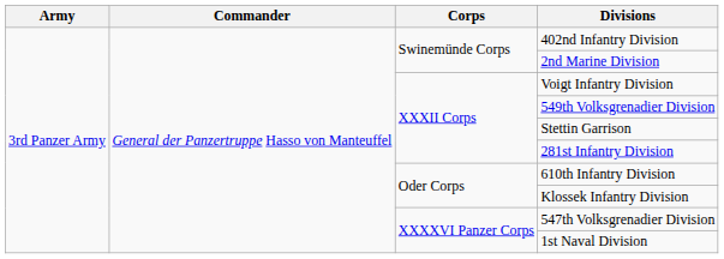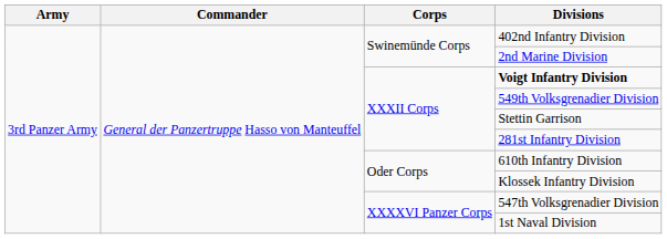 <table class="wikitable">
 <tr>
 <th>Army</th>
 <th>Commander</th>
 <th>Corps</th>
 <th>Divisions</th>
 </tr>
 <tr>
 <td rowspan="10"><a href='#'>3rd Panzer Army</a></td>
 <td rowspan="10"><em><a href='#'>General der Panzertruppe</a></em> <a href='#'>Hasso von Manteuffel</a></td>
 <td rowspan="2">Swinemünde Corps</td>
 <td>402nd Infantry Division</td>
 </tr>
 <tr>
 <td><a href='#'>2nd Marine Division</a></td>
 </tr>
 <tr>
 <td rowspan="4"><a href='#'>XXXII Corps</a></td>
-<td>Voigt Infantry Division</td>
+<td><strong>Voigt Infantry Division</strong></td>
 </tr>
 <tr>
 <td><a href='#'>549th Volksgrenadier Division</a></td>
 </tr>
 <tr>
 <td>Stettin Garrison</td>
 </tr>
 <tr>
 <td><a href='#'>281st Infantry Division</a></td>
 </tr>
 <tr>
 <td rowspan="2">Oder Corps</td>
 <td>610th Infantry Division</td>
 </tr>
 <tr>
 <td>Klossek Infantry Division</td>
 </tr>
 <tr>
 <td rowspan="2"><a href='#'>XXXXVI Panzer Corps</a></td>
 <td>547th Volksgrenadier Division</td>
 </tr>
 <tr>
 <td>1st Naval Division</td>
 </tr>
 </table>
